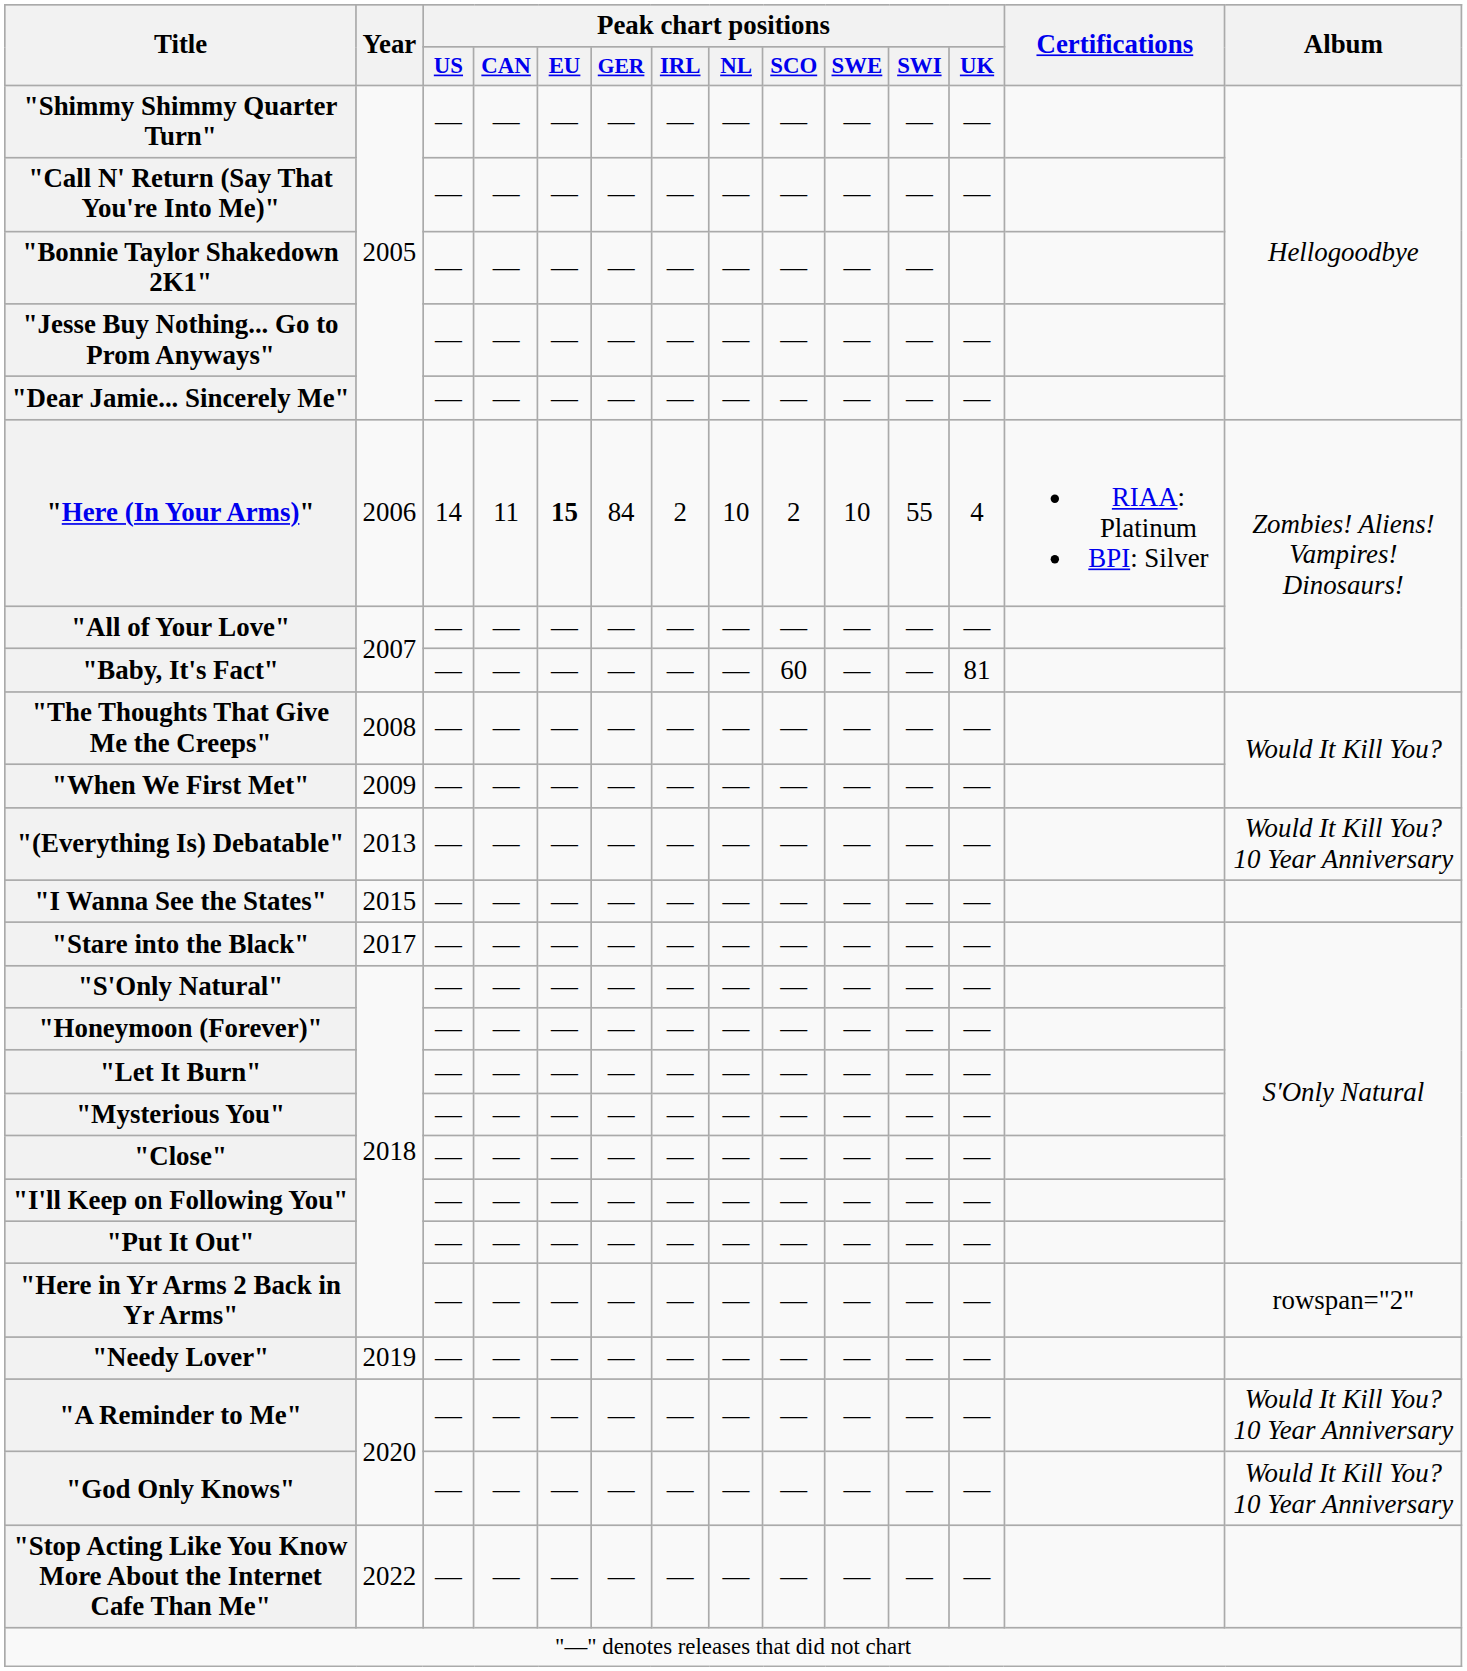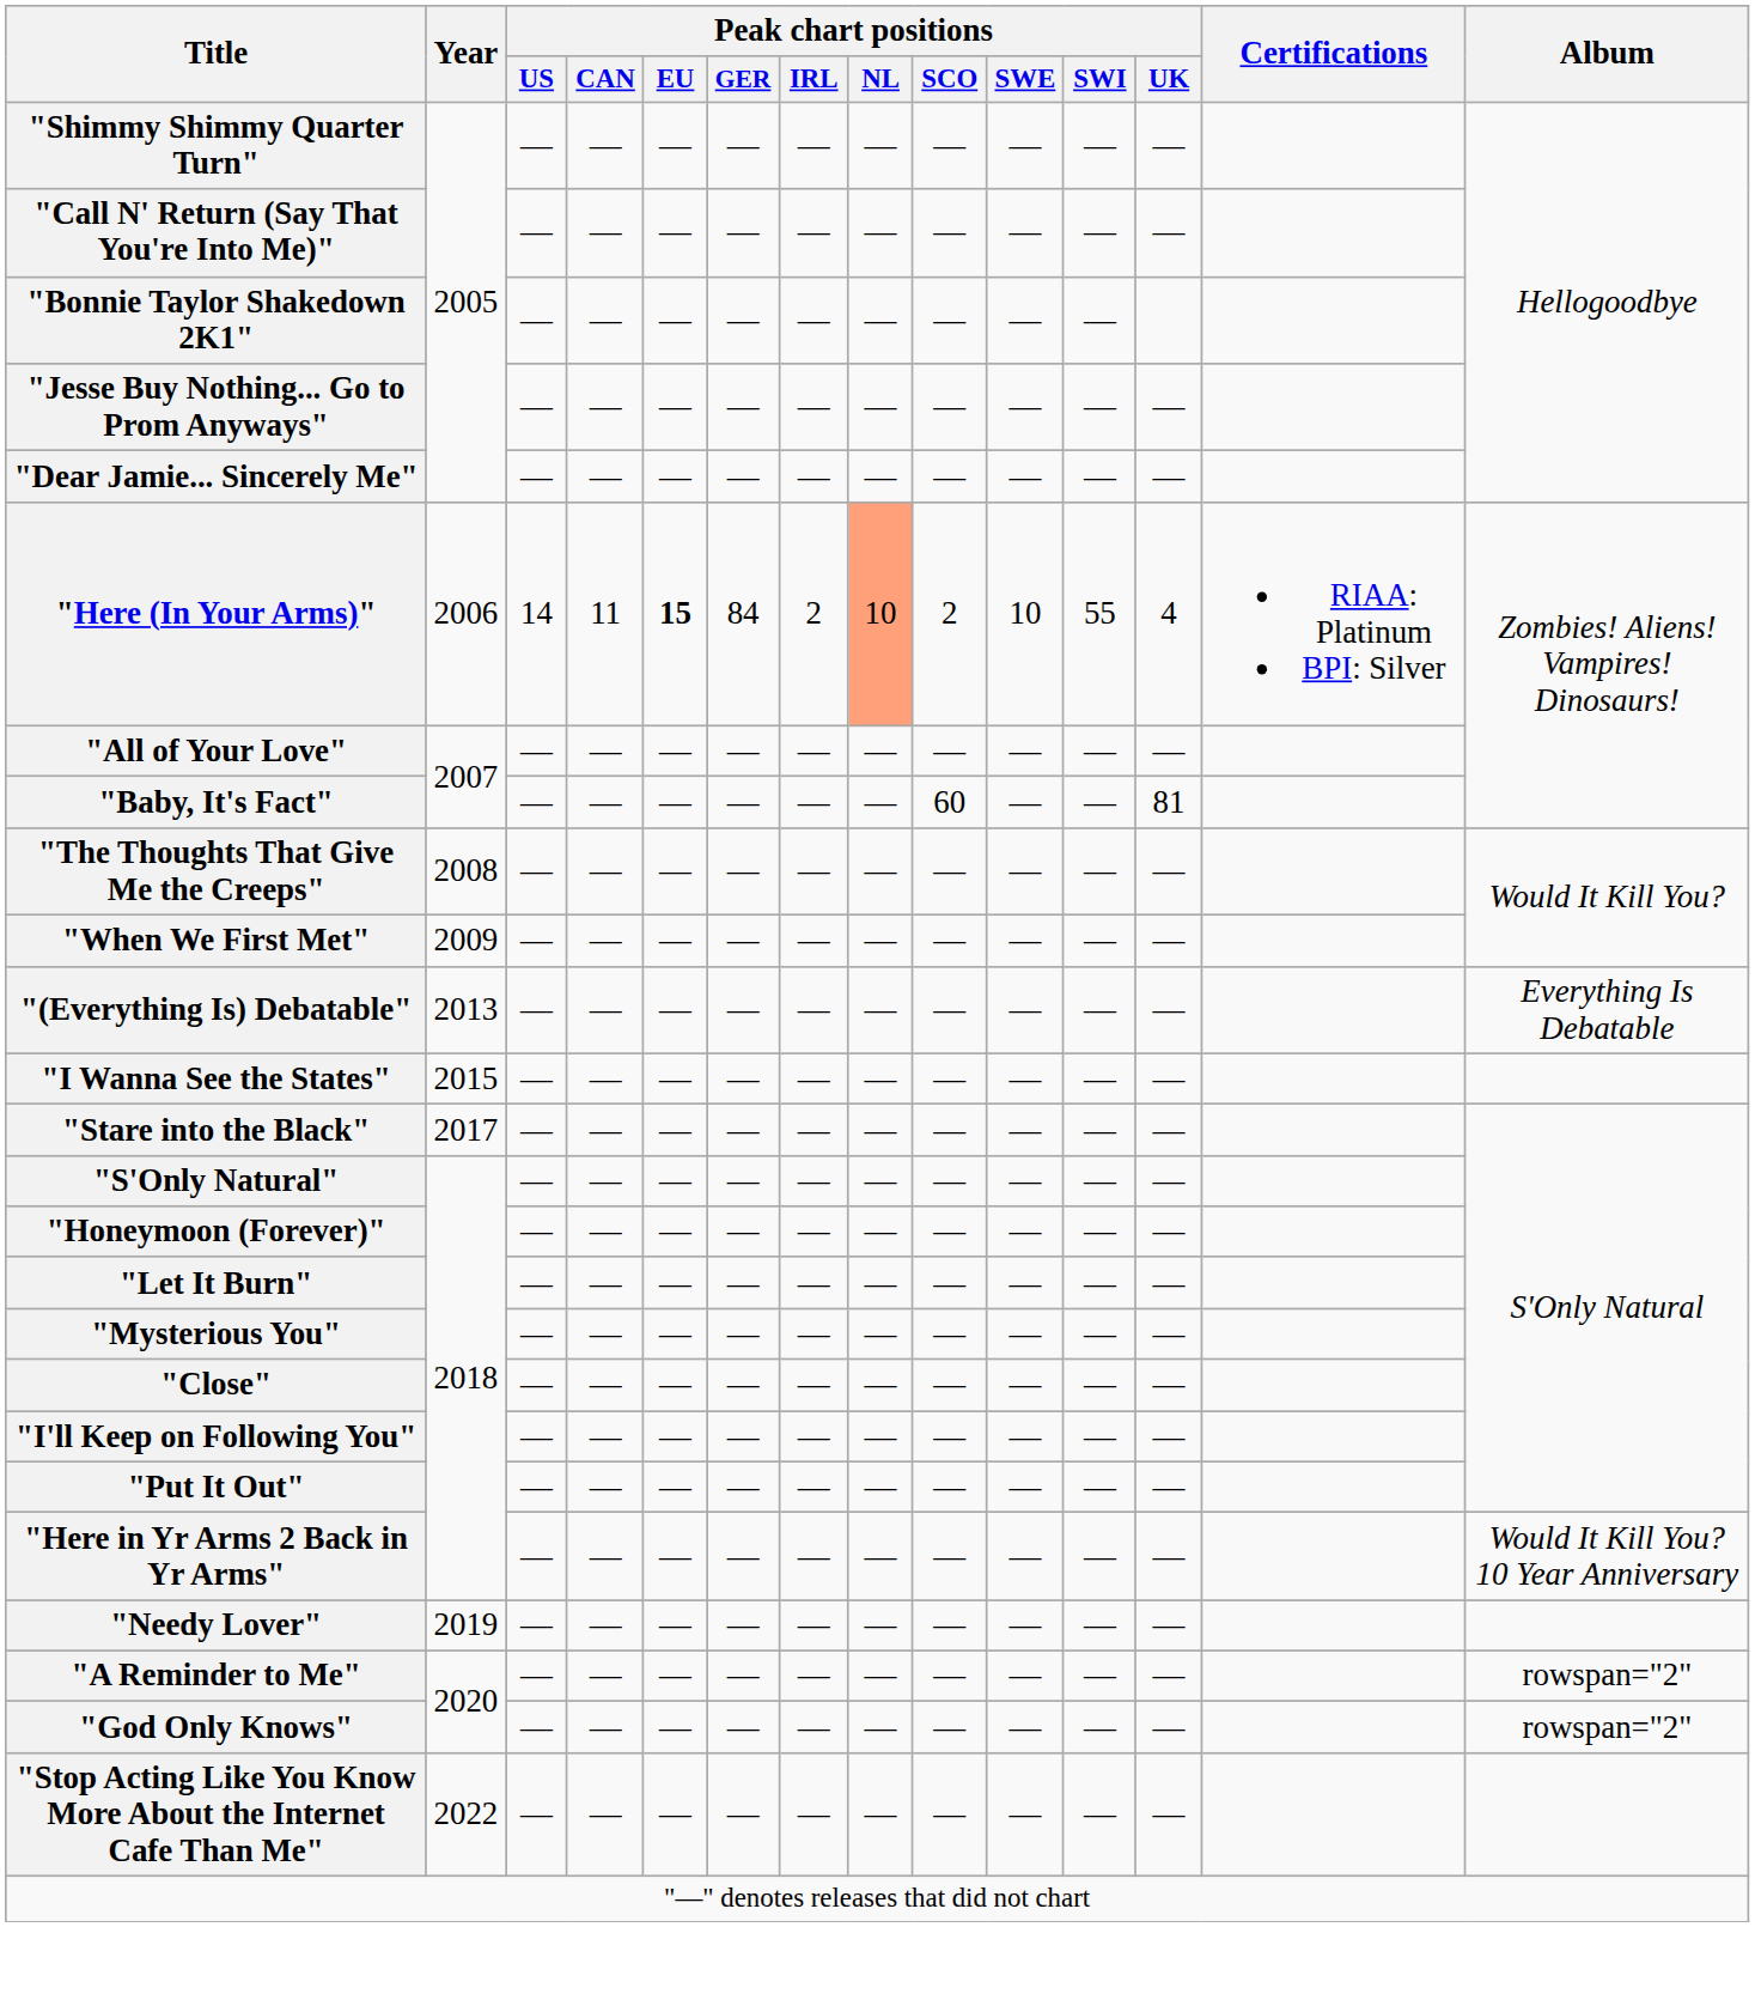 <table class="wikitable plainrowheaders" style="text-align:center;">
 <tr>
 <th scope="col" rowspan="2" style="width:22em;">Title</th>
 <th scope="col" rowspan="2" style="width:1em;">Year</th>
 <th scope="col" colspan="10">Peak chart positions</th>
 <th scope="col" rowspan="2" style="width:10em;"><a href='#'>Certifications</a></th>
 <th scope="col" rowspan="2" style="width:12em;">Album</th>
 </tr>
 <tr>
 <th scope="col" style="width:2.5em;font-size:85%;"><a href='#'>US</a><br></th>
 <th scope="col" style="width:2.5em;font-size:85%;"><a href='#'>CAN</a><br></th>
 <th scope="col" style="width:2.5em;font-size:85%;"><a href='#'>EU</a><br></th>
 <th scope="col" style="width:2.5em;font-size:80%;"><a href='#'>GER</a><br></th>
 <th scope="col" style="width:2.5em;font-size:85%;"><a href='#'>IRL</a><br></th>
 <th scope="col" style="width:2.5em;font-size:85%;"><a href='#'>NL</a><br></th>
 <th scope="col" style="width:2.5em;font-size:85%;"><a href='#'>SCO</a><br></th>
 <th scope="col" style="width:2.5em;font-size:85%;"><a href='#'>SWE</a><br></th>
 <th scope="col" style="width:2.5em;font-size:85%;"><a href='#'>SWI</a><br></th>
 <th scope="col" style="width:2.5em;font-size:85%;"><a href='#'>UK</a><br></th>
 </tr>
 <tr>
 <th scope="row">"Shimmy Shimmy Quarter Turn"</th>
 <td rowspan="5">2005</td>
 <td>—</td>
 <td>—</td>
 <td>—</td>
 <td>—</td>
 <td>—</td>
 <td>—</td>
 <td>—</td>
 <td>—</td>
 <td>—</td>
 <td>—</td>
 <td></td>
 <td rowspan="5"><em>Hellogoodbye</em></td>
 </tr>
 <tr>
 <th scope="row">"Call N' Return (Say That You're Into Me)"</th>
 <td>—</td>
 <td>—</td>
 <td>—</td>
 <td>—</td>
 <td>—</td>
 <td>—</td>
 <td>—</td>
 <td>—</td>
 <td>—</td>
 <td>—</td>
 <td></td>
 </tr>
 <tr>
 <th scope="row">"Bonnie Taylor Shakedown 2K1"</th>
 <td>—</td>
 <td>—</td>
 <td>—</td>
 <td>—</td>
 <td>—</td>
 <td>—</td>
 <td>—</td>
 <td>—</td>
 <td>—</td>
 <td —></td>
 </tr>
 <tr>
 <th scope="row">"Jesse Buy Nothing... Go to Prom Anyways"</th>
 <td>—</td>
 <td>—</td>
 <td>—</td>
 <td>—</td>
 <td>—</td>
 <td>—</td>
 <td>—</td>
 <td>—</td>
 <td>—</td>
 <td>—</td>
 <td></td>
 </tr>
 <tr>
 <th scope="row">"Dear Jamie... Sincerely Me"</th>
 <td>—</td>
 <td>—</td>
 <td>—</td>
 <td>—</td>
 <td>—</td>
 <td>—</td>
 <td>—</td>
 <td>—</td>
 <td>—</td>
 <td>—</td>
 <td></td>
 </tr>
 <tr>
 <th scope="row">"<a href='#'>Here (In Your Arms)</a>"</th>
 <td>2006</td>
 <td>14</td>
 <td>11</td>
 <td><strong>15</strong></td>
 <td>84</td>
 <td>2</td>
-<td>10</td>
+<td style="background: lightsalmon;">10</td>
 <td>2</td>
 <td>10</td>
 <td>55</td>
 <td>4</td>
 <td><br><ul><li><a href='#'>RIAA</a>: Platinum</li><li><a href='#'>BPI</a>: Silver</li></ul></td>
 <td rowspan="3"><em>Zombies! Aliens! Vampires! Dinosaurs!</em></td>
 </tr>
 <tr>
 <th scope="row">"All of Your Love"</th>
 <td rowspan="2">2007</td>
 <td>—</td>
 <td>—</td>
 <td>—</td>
 <td>—</td>
 <td>—</td>
 <td>—</td>
 <td>—</td>
 <td>—</td>
 <td>—</td>
 <td>—</td>
 <td></td>
 </tr>
 <tr>
 <th scope="row">"Baby, It's Fact"</th>
 <td>—</td>
 <td>—</td>
 <td>—</td>
 <td>—</td>
 <td>—</td>
 <td>—</td>
 <td>60</td>
 <td>—</td>
 <td>—</td>
 <td>81</td>
 <td></td>
 </tr>
 <tr>
 <th scope="row">"The Thoughts That Give Me the Creeps"</th>
 <td>2008</td>
 <td>—</td>
 <td>—</td>
 <td>—</td>
 <td>—</td>
 <td>—</td>
 <td>—</td>
 <td>—</td>
 <td>—</td>
 <td>—</td>
 <td>—</td>
 <td></td>
 <td rowspan="2"><em>Would It Kill You?</em></td>
 </tr>
 <tr>
 <th scope="row">"When We First Met"</th>
 <td>2009</td>
 <td>—</td>
 <td>—</td>
 <td>—</td>
 <td>—</td>
 <td>—</td>
 <td>—</td>
 <td>—</td>
 <td>—</td>
 <td>—</td>
 <td>—</td>
 <td></td>
 </tr>
 <tr>
 <th scope="row">"(Everything Is) Debatable"</th>
 <td>2013</td>
 <td>—</td>
 <td>—</td>
 <td>—</td>
 <td>—</td>
 <td>—</td>
 <td>—</td>
 <td>—</td>
 <td>—</td>
 <td>—</td>
 <td>—</td>
 <td></td>
-<td><em>Would It Kill You? 10 Year Anniversary</em></td>
+<td><em>Everything Is Debatable</em></td>
 </tr>
 <tr>
 <th scope="row">"I Wanna See the States"</th>
 <td>2015</td>
 <td>—</td>
 <td>—</td>
 <td>—</td>
 <td>—</td>
 <td>—</td>
 <td>—</td>
 <td>—</td>
 <td>—</td>
 <td>—</td>
 <td>—</td>
 <td></td>
 <td></td>
 </tr>
 <tr>
 <th scope="row">"Stare into the Black"</th>
 <td>2017</td>
 <td>—</td>
 <td>—</td>
 <td>—</td>
 <td>—</td>
 <td>—</td>
 <td>—</td>
 <td>—</td>
 <td>—</td>
 <td>—</td>
 <td>—</td>
 <td></td>
 <td rowspan="8"><em>S'Only Natural</em></td>
 </tr>
 <tr>
 <th scope="row">"S'Only Natural"</th>
 <td rowspan="8">2018</td>
 <td>—</td>
 <td>—</td>
 <td>—</td>
 <td>—</td>
 <td>—</td>
 <td>—</td>
 <td>—</td>
 <td>—</td>
 <td>—</td>
 <td>—</td>
 <td></td>
 </tr>
 <tr>
 <th scope="row">"Honeymoon (Forever)"</th>
 <td>—</td>
 <td>—</td>
 <td>—</td>
 <td>—</td>
 <td>—</td>
 <td>—</td>
 <td>—</td>
 <td>—</td>
 <td>—</td>
 <td>—</td>
 <td></td>
 </tr>
 <tr>
 <th scope="row">"Let It Burn"</th>
 <td>—</td>
 <td>—</td>
 <td>—</td>
 <td>—</td>
 <td>—</td>
 <td>—</td>
 <td>—</td>
 <td>—</td>
 <td>—</td>
 <td>—</td>
 <td></td>
 </tr>
 <tr>
 <th scope="row">"Mysterious You"</th>
 <td>—</td>
 <td>—</td>
 <td>—</td>
 <td>—</td>
 <td>—</td>
 <td>—</td>
 <td>—</td>
 <td>—</td>
 <td>—</td>
 <td>—</td>
 <td></td>
 </tr>
 <tr>
 <th scope="row">"Close"</th>
 <td>—</td>
 <td>—</td>
 <td>—</td>
 <td>—</td>
 <td>—</td>
 <td>—</td>
 <td>—</td>
 <td>—</td>
 <td>—</td>
 <td>—</td>
 <td></td>
 </tr>
 <tr>
 <th scope="row">"I'll Keep on Following You"</th>
 <td>—</td>
 <td>—</td>
 <td>—</td>
 <td>—</td>
 <td>—</td>
 <td>—</td>
 <td>—</td>
 <td>—</td>
 <td>—</td>
 <td>—</td>
 <td></td>
 </tr>
 <tr>
 <th scope="row">"Put It Out"</th>
 <td>—</td>
 <td>—</td>
 <td>—</td>
 <td>—</td>
 <td>—</td>
 <td>—</td>
 <td>—</td>
 <td>—</td>
 <td>—</td>
 <td>—</td>
 <td></td>
 </tr>
 <tr>
 <th scope="row">"Here in Yr Arms 2 Back in Yr Arms"</th>
 <td>—</td>
 <td>—</td>
 <td>—</td>
 <td>—</td>
 <td>—</td>
 <td>—</td>
 <td>—</td>
 <td>—</td>
 <td>—</td>
 <td>—</td>
 <td></td>
-<td>rowspan="2" </td>
+<td><em>Would It Kill You? 10 Year Anniversary</em></td>
 </tr>
 <tr>
 <th scope="row">"Needy Lover"</th>
 <td>2019</td>
 <td>—</td>
 <td>—</td>
 <td>—</td>
 <td>—</td>
 <td>—</td>
 <td>—</td>
 <td>—</td>
 <td>—</td>
 <td>—</td>
 <td>—</td>
 <td></td>
 </tr>
 <tr>
 <th scope="row">"A Reminder to Me"</th>
 <td rowspan="2">2020</td>
 <td>—</td>
 <td>—</td>
 <td>—</td>
 <td>—</td>
 <td>—</td>
 <td>—</td>
 <td>—</td>
 <td>—</td>
 <td>—</td>
 <td>—</td>
 <td></td>
-<td><em>Would It Kill You? 10 Year Anniversary</em></td>
+<td>rowspan="2" </td>
 </tr>
 <tr>
 <th scope="row">"God Only Knows"</th>
 <td>—</td>
 <td>—</td>
 <td>—</td>
 <td>—</td>
 <td>—</td>
 <td>—</td>
 <td>—</td>
 <td>—</td>
 <td>—</td>
 <td>—</td>
 <td></td>
-<td><em>Would It Kill You? 10 Year Anniversary</em></td>
+<td>rowspan="2" </td>
 </tr>
 <tr>
 <th scope="row">"Stop Acting Like You Know More About the Internet Cafe Than Me"</th>
 <td>2022</td>
 <td>—</td>
 <td>—</td>
 <td>—</td>
 <td>—</td>
 <td>—</td>
 <td>—</td>
 <td>—</td>
 <td>—</td>
 <td>—</td>
 <td>—</td>
 <td></td>
 </tr>
 <tr>
 <td colspan="14" style="font-size:85%">"—" denotes releases that did not chart</td>
 </tr>
 </table>
